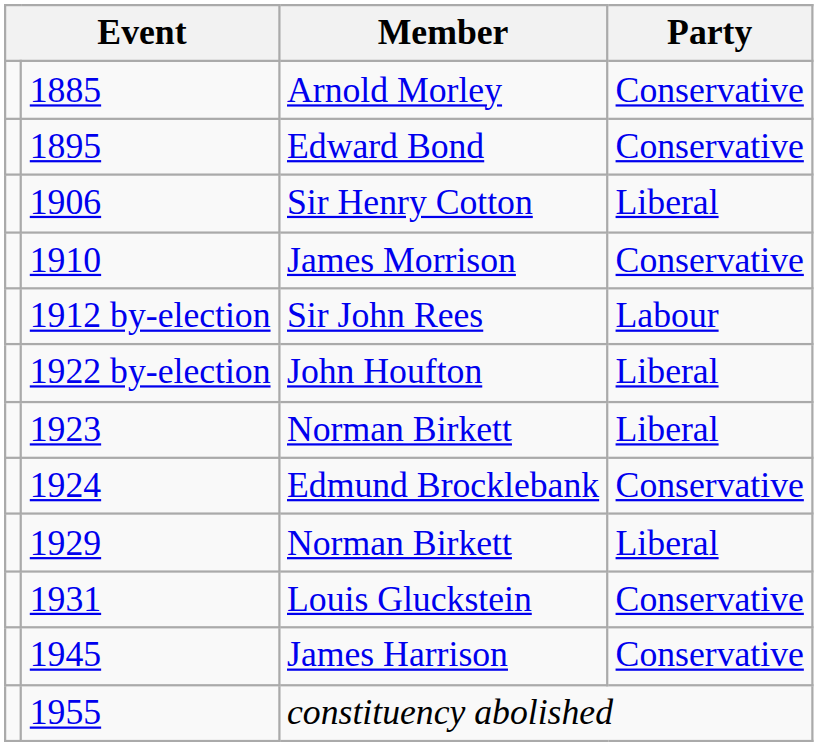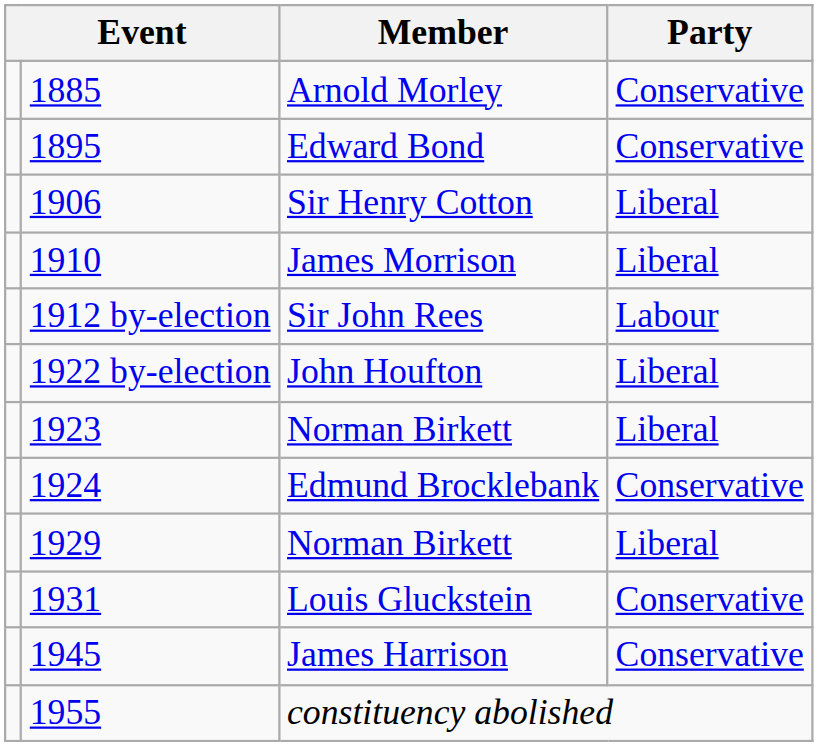 <table class="wikitable">
 <tr>
 <th colspan="2">Event</th>
 <th>Member</th>
 <th>Party</th>
 </tr>
 <tr>
 <td style="color:inherit;background-color: "></td>
 <td><a href='#'>1885</a></td>
 <td><a href='#'>Arnold Morley</a></td>
 <td><a href='#'>Conservative</a></td>
 </tr>
 <tr>
 <td style="color:inherit;background-color: "></td>
 <td><a href='#'>1895</a></td>
 <td><a href='#'>Edward Bond</a></td>
 <td><a href='#'>Conservative</a></td>
 </tr>
 <tr>
 <td style="color:inherit;background-color: "></td>
 <td><a href='#'>1906</a></td>
 <td><a href='#'>Sir Henry Cotton</a></td>
 <td><a href='#'>Liberal</a></td>
 </tr>
 <tr>
 <td style="color:inherit;background-color: "></td>
 <td><a href='#'>1910</a></td>
 <td><a href='#'>James Morrison</a></td>
-<td><a href='#'>Conservative</a></td>
+<td><a href='#'>Liberal</a></td>
 </tr>
 <tr>
 <td style="color:inherit;background-color: "></td>
 <td><a href='#'>1912 by-election</a></td>
 <td><a href='#'>Sir John Rees</a></td>
 <td><a href='#'>Labour</a></td>
 </tr>
 <tr>
 <td style="color:inherit;background-color: "></td>
 <td><a href='#'>1922 by-election</a></td>
 <td><a href='#'>John Houfton</a></td>
 <td><a href='#'>Liberal</a></td>
 </tr>
 <tr>
 <td style="color:inherit;background-color: "></td>
 <td><a href='#'>1923</a></td>
 <td><a href='#'>Norman Birkett</a></td>
 <td><a href='#'>Liberal</a></td>
 </tr>
 <tr>
 <td style="color:inherit;background-color: "></td>
 <td><a href='#'>1924</a></td>
 <td><a href='#'>Edmund Brocklebank</a></td>
 <td><a href='#'>Conservative</a></td>
 </tr>
 <tr>
 <td style="color:inherit;background-color: "></td>
 <td><a href='#'>1929</a></td>
 <td><a href='#'>Norman Birkett</a></td>
 <td><a href='#'>Liberal</a></td>
 </tr>
 <tr>
 <td style="color:inherit;background-color: "></td>
 <td><a href='#'>1931</a></td>
 <td><a href='#'>Louis Gluckstein</a></td>
 <td><a href='#'>Conservative</a></td>
 </tr>
 <tr>
 <td style="color:inherit;background-color: "></td>
 <td><a href='#'>1945</a></td>
 <td><a href='#'>James Harrison</a></td>
 <td><a href='#'>Conservative</a></td>
 </tr>
 <tr>
 <td></td>
 <td><a href='#'>1955</a></td>
 <td colspan="3"><em>constituency abolished</em></td>
 </tr>
 </table>
